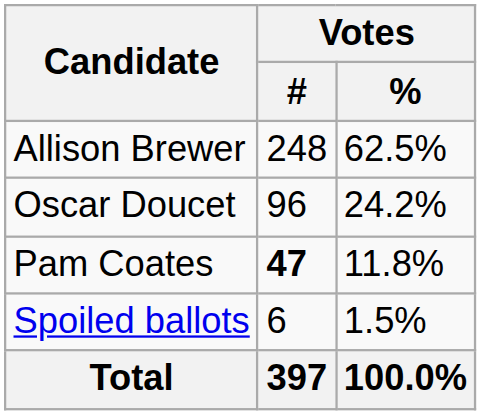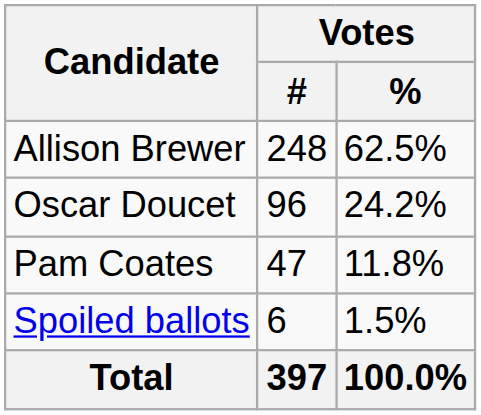 <table class="wikitable">
 <tr>
 <th rowspan=2>Candidate</th>
 <th colspan=2>Votes</th>
 </tr>
 <tr>
 <th>#</th>
 <th>%</th>
 </tr>
 <tr>
 <td>Allison Brewer</td>
 <td>248</td>
 <td>62.5%</td>
 </tr>
 <tr>
 <td>Oscar Doucet</td>
 <td>96</td>
 <td>24.2%</td>
 </tr>
 <tr>
 <td>Pam Coates</td>
-<td><strong>47</strong></td>
+<td>47</td>
 <td>11.8%</td>
 </tr>
 <tr>
 <td><a href='#'>Spoiled ballots</a></td>
 <td>6</td>
 <td>1.5%</td>
 </tr>
 <tr>
 <th>Total</th>
 <th>397</th>
 <th>100.0%</th>
 </tr>
 </table>
